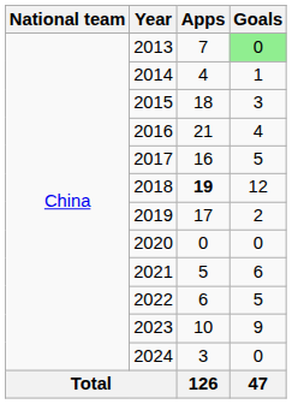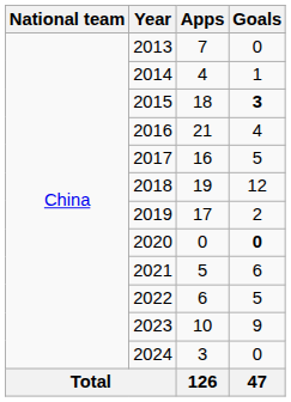 <table class="wikitable" style="text-align:center">
 <tr>
 <th>National team</th>
 <th>Year</th>
 <th>Apps</th>
 <th>Goals</th>
 </tr>
 <tr>
 <td rowspan="12"><a href='#'>China</a></td>
 <td>2013</td>
 <td>7</td>
-<td style="background: lightgreen;">0</td>
+<td>0</td>
 </tr>
 <tr>
 <td>2014</td>
 <td>4</td>
 <td>1</td>
 </tr>
 <tr>
 <td>2015</td>
 <td>18</td>
-<td>3</td>
+<td><strong>3</strong></td>
 </tr>
 <tr>
 <td>2016</td>
 <td>21</td>
 <td>4</td>
 </tr>
 <tr>
 <td>2017</td>
 <td>16</td>
 <td>5</td>
 </tr>
 <tr>
 <td>2018</td>
-<td><strong>19</strong></td>
+<td>19</td>
 <td>12</td>
 </tr>
 <tr>
 <td>2019</td>
 <td>17</td>
 <td>2</td>
 </tr>
 <tr>
 <td>2020</td>
 <td>0</td>
-<td>0</td>
+<td><strong>0</strong></td>
 </tr>
 <tr>
 <td>2021</td>
 <td>5</td>
 <td>6</td>
 </tr>
 <tr>
 <td>2022</td>
 <td>6</td>
 <td>5</td>
 </tr>
 <tr>
 <td>2023</td>
 <td>10</td>
 <td>9</td>
 </tr>
 <tr>
 <td>2024</td>
 <td>3</td>
 <td>0</td>
 </tr>
 <tr>
 <th colspan="2">Total</th>
 <th>126</th>
 <th>47</th>
 </tr>
 </table>
